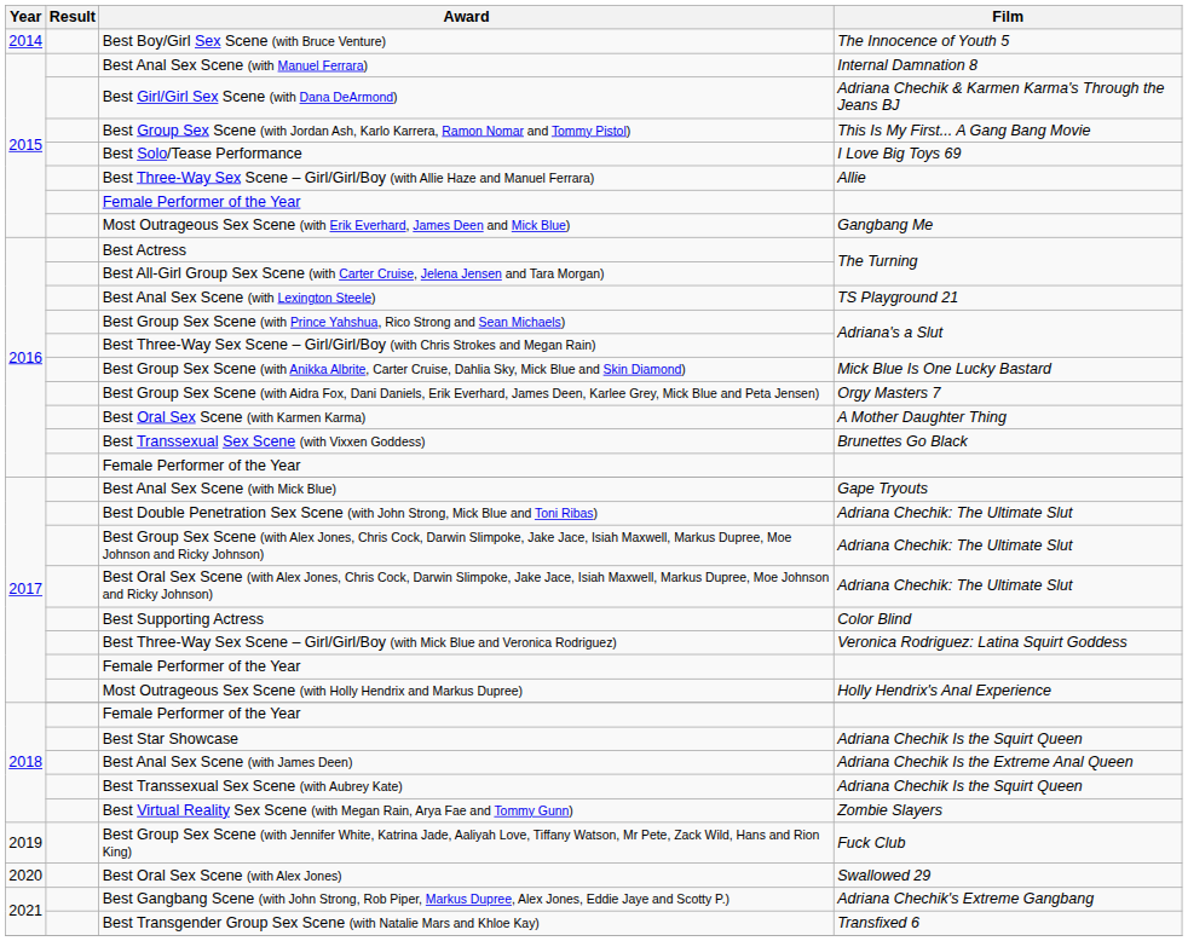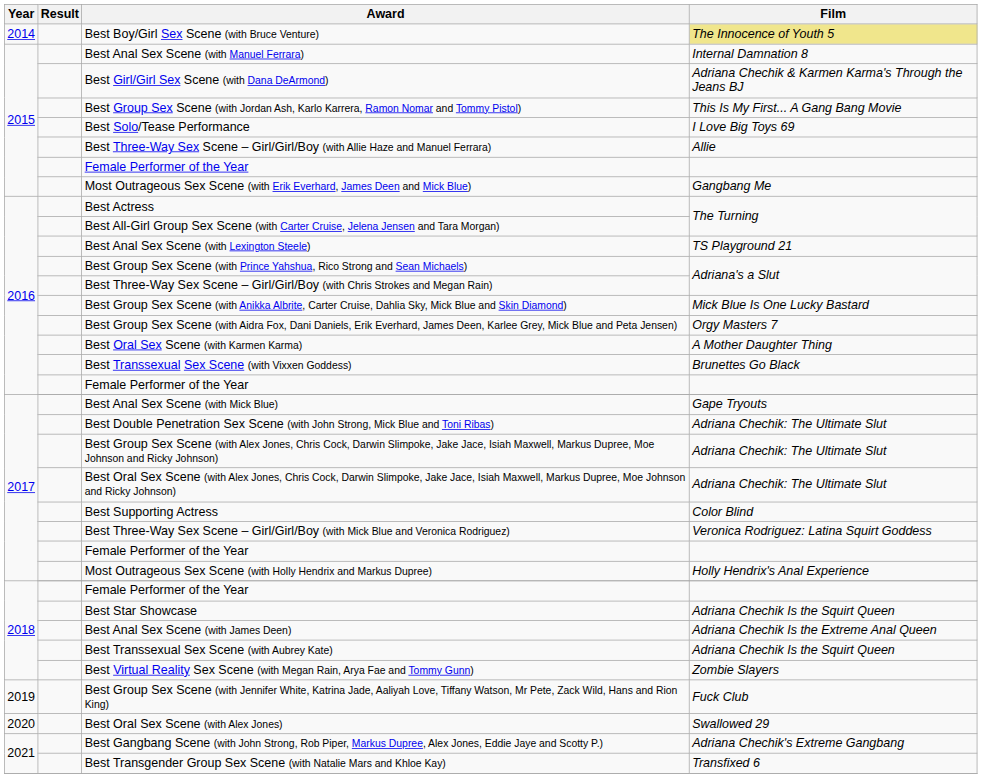 <table class="wikitable">
 <tr>
 <th>Year</th>
 <th>Result</th>
 <th>Award</th>
 <th>Film</th>
 </tr>
 <tr>
 <td><a href='#'>2014</a></td>
 <td></td>
 <td>Best Boy/Girl <a href='#'>Sex</a> Scene <small>(with Bruce Venture)</small></td>
-<td><em>The Innocence of Youth 5</em></td>
+<td style="background: khaki;"><em>The Innocence of Youth 5</em></td>
 </tr>
 <tr>
 <td rowspan="7"><a href='#'>2015</a></td>
 <td></td>
 <td>Best Anal Sex Scene <small>(with <a href='#'>Manuel Ferrara</a>)</small></td>
 <td><em>Internal Damnation 8</em></td>
 </tr>
 <tr>
 <td></td>
 <td>Best <a href='#'>Girl/Girl Sex</a> Scene <small>(with <a href='#'>Dana DeArmond</a>)</small></td>
 <td><em>Adriana Chechik & Karmen Karma's Through the Jeans BJ</em></td>
 </tr>
 <tr>
 <td></td>
 <td>Best <a href='#'>Group Sex</a> Scene <small>(with Jordan Ash, Karlo Karrera, <a href='#'>Ramon Nomar</a> and <a href='#'>Tommy Pistol</a>)</small></td>
 <td><em>This Is My First... A Gang Bang Movie</em></td>
 </tr>
 <tr>
 <td></td>
 <td>Best <a href='#'>Solo</a>/Tease Performance</td>
 <td><em>I Love Big Toys 69</em></td>
 </tr>
 <tr>
 <td></td>
 <td>Best <a href='#'>Three-Way Sex</a> Scene – Girl/Girl/Boy <small>(with Allie Haze and Manuel Ferrara)</small></td>
 <td><em>Allie</em></td>
 </tr>
 <tr>
 <td></td>
 <td><a href='#'>Female Performer of the Year</a></td>
 <td></td>
 </tr>
 <tr>
 <td></td>
 <td>Most Outrageous Sex Scene <small>(with <a href='#'>Erik Everhard</a>, <a href='#'>James Deen</a> and <a href='#'>Mick Blue</a>)</small></td>
 <td><em>Gangbang Me</em></td>
 </tr>
 <tr>
 <td rowspan="10"><a href='#'>2016</a></td>
 <td></td>
 <td>Best Actress</td>
 <td rowspan="2"><em>The Turning</em></td>
 </tr>
 <tr>
 <td></td>
 <td>Best All-Girl Group Sex Scene <small>(with <a href='#'>Carter Cruise</a>, <a href='#'>Jelena Jensen</a> and Tara Morgan)</small></td>
 </tr>
 <tr>
 <td></td>
 <td>Best Anal Sex Scene <small>(with <a href='#'>Lexington Steele</a>)</small></td>
 <td><em>TS Playground 21</em></td>
 </tr>
 <tr>
 <td></td>
 <td>Best Group Sex Scene <small>(with <a href='#'>Prince Yahshua</a>, Rico Strong and <a href='#'>Sean Michaels</a>)</small></td>
 <td rowspan="2"><em>Adriana's a Slut</em></td>
 </tr>
 <tr>
 <td></td>
 <td>Best Three-Way Sex Scene – Girl/Girl/Boy <small>(with Chris Strokes and Megan Rain)</small></td>
 </tr>
 <tr>
 <td></td>
 <td>Best Group Sex Scene <small>(with <a href='#'>Anikka Albrite</a>, Carter Cruise, Dahlia Sky, Mick Blue and <a href='#'>Skin Diamond</a>)</small></td>
 <td><em>Mick Blue Is One Lucky Bastard</em></td>
 </tr>
 <tr>
 <td></td>
 <td>Best Group Sex Scene <small>(with Aidra Fox, Dani Daniels, Erik Everhard, James Deen, Karlee Grey, Mick Blue and Peta Jensen)</small></td>
 <td><em>Orgy Masters 7</em></td>
 </tr>
 <tr>
 <td></td>
 <td>Best <a href='#'>Oral Sex</a> Scene <small>(with Karmen Karma)</small></td>
 <td><em>A Mother Daughter Thing</em></td>
 </tr>
 <tr>
 <td></td>
 <td>Best <a href='#'>Transsexual</a> <a href='#'>Sex Scene</a> <small>(with Vixxen Goddess)</small></td>
 <td><em>Brunettes Go Black</em></td>
 </tr>
 <tr>
 <td></td>
 <td>Female Performer of the Year</td>
 <td></td>
 </tr>
 <tr>
 <td rowspan="9"><a href='#'>2017</a></td>
 </tr>
 <tr>
 <td></td>
 <td>Best Anal Sex Scene <small>(with Mick Blue)</small></td>
 <td><em>Gape Tryouts</em></td>
 </tr>
 <tr>
 <td></td>
 <td>Best Double Penetration Sex Scene <small>(with John Strong, Mick Blue and <a href='#'>Toni Ribas</a>)</small></td>
 <td><em>Adriana Chechik: The Ultimate Slut</em></td>
 </tr>
 <tr>
 <td></td>
 <td>Best Group Sex Scene <small>(with Alex Jones, Chris Cock, Darwin Slimpoke, Jake Jace, Isiah Maxwell, Markus Dupree, Moe Johnson and Ricky Johnson)</small></td>
 <td><em>Adriana Chechik: The Ultimate Slut</em></td>
 </tr>
 <tr>
 <td></td>
 <td>Best Oral Sex Scene <small>(with Alex Jones, Chris Cock, Darwin Slimpoke, Jake Jace, Isiah Maxwell, Markus Dupree, Moe Johnson and Ricky Johnson)</small></td>
 <td><em>Adriana Chechik: The Ultimate Slut</em></td>
 </tr>
 <tr>
 <td></td>
 <td>Best Supporting Actress</td>
 <td><em>Color Blind</em></td>
 </tr>
 <tr>
 <td></td>
 <td>Best Three-Way Sex Scene – Girl/Girl/Boy <small>(with Mick Blue and Veronica Rodriguez)</small></td>
 <td><em>Veronica Rodriguez: Latina Squirt Goddess</em></td>
 </tr>
 <tr>
 <td></td>
 <td>Female Performer of the Year</td>
 <td></td>
 </tr>
 <tr>
 <td></td>
 <td>Most Outrageous Sex Scene <small>(with Holly Hendrix and Markus Dupree)</small></td>
 <td><em>Holly Hendrix's Anal Experience</em></td>
 </tr>
 <tr>
 <td rowspan="6"><a href='#'>2018</a></td>
 </tr>
 <tr>
 <td></td>
 <td>Female Performer of the Year</td>
 <td></td>
 </tr>
 <tr>
 <td></td>
 <td>Best Star Showcase</td>
 <td><em>Adriana Chechik Is the Squirt Queen</em></td>
 </tr>
 <tr>
 <td></td>
 <td>Best Anal Sex Scene <small>(with James Deen)</small></td>
 <td><em>Adriana Chechik Is the Extreme Anal Queen</em></td>
 </tr>
 <tr>
 <td></td>
 <td>Best Transsexual Sex Scene <small>(with Aubrey Kate)</small></td>
 <td><em>Adriana Chechik Is the Squirt Queen</em></td>
 </tr>
 <tr>
 <td></td>
 <td>Best <a href='#'>Virtual Reality</a> Sex Scene <small>(with Megan Rain, Arya Fae and <a href='#'>Tommy Gunn</a>)</small></td>
 <td><em>Zombie Slayers</em></td>
 </tr>
 <tr>
 <td>2019</td>
 <td></td>
 <td>Best Group Sex Scene <small>(with Jennifer White, Katrina Jade, Aaliyah Love, Tiffany Watson, Mr Pete, Zack Wild, Hans and Rion King)</small></td>
 <td><em>Fuck Club</em></td>
 </tr>
 <tr>
 <td>2020</td>
 <td></td>
 <td>Best Oral Sex Scene <small>(with Alex Jones)</small></td>
 <td><em>Swallowed 29</em></td>
 </tr>
 <tr>
 <td rowspan="2">2021</td>
 <td></td>
 <td>Best Gangbang Scene <small>(with John Strong, Rob Piper, <a href='#'>Markus Dupree</a>, Alex Jones, Eddie Jaye and Scotty P.)</small></td>
 <td><em>Adriana Chechik's Extreme Gangbang</em></td>
 </tr>
 <tr>
 <td></td>
 <td>Best Transgender Group Sex Scene <small>(with  Natalie Mars and Khloe Kay)</small></td>
 <td><em>Transfixed 6</em></td>
 </tr>
 <tr>
 </tr>
 </table>
